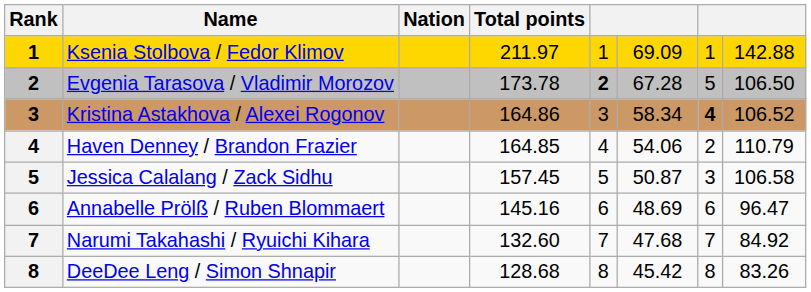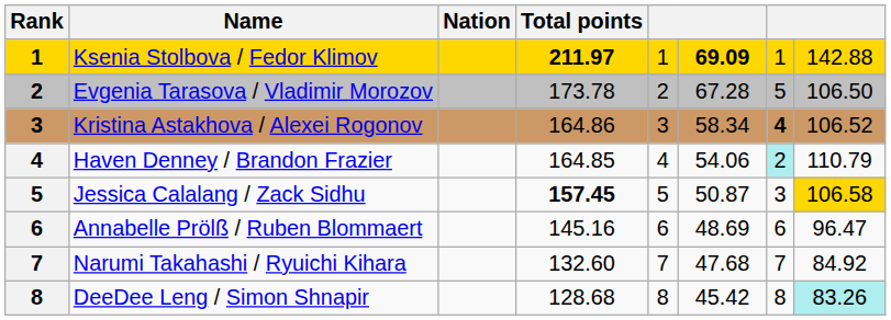 <table class="wikitable sortable">
 <tr>
 <th>Rank</th>
 <th>Name</th>
 <th>Nation</th>
 <th>Total points</th>
 <th colspan="2" width="80px"></th>
 <th colspan="2" width="80px"></th>
 </tr>
 <tr bgcolor="gold">
 <td align="center"><strong>1</strong></td>
 <td><a href='#'>Ksenia Stolbova</a> / <a href='#'>Fedor Klimov</a></td>
 <td></td>
-<td align="center">211.97</td>
+<td align="center"><strong>211.97</strong></td>
 <td align="center">1</td>
-<td align="center">69.09</td>
+<td align="center"><strong>69.09</strong></td>
 <td align="center">1</td>
 <td align="center">142.88</td>
 </tr>
 <tr bgcolor="silver">
 <td align="center"><strong>2</strong></td>
 <td><a href='#'>Evgenia Tarasova</a> / <a href='#'>Vladimir Morozov</a></td>
 <td></td>
 <td align="center">173.78</td>
-<td align="center"><strong>2</strong></td>
+<td align="center">2</td>
 <td align="center">67.28</td>
 <td align="center">5</td>
 <td align="center">106.50</td>
 </tr>
 <tr bgcolor="cc9966">
 <td align="center"><strong>3</strong></td>
 <td><a href='#'>Kristina Astakhova</a> / <a href='#'>Alexei Rogonov</a></td>
 <td></td>
 <td align="center">164.86</td>
 <td align="center">3</td>
 <td align="center">58.34</td>
 <td align="center"><strong>4</strong></td>
 <td align="center">106.52</td>
 </tr>
 <tr>
 <th>4</th>
 <td><a href='#'>Haven Denney</a> / <a href='#'>Brandon Frazier</a></td>
 <td></td>
 <td align="center">164.85</td>
 <td align="center">4</td>
 <td align="center">54.06</td>
-<td align="center">2</td>
+<td align="center" style="background: paleturquoise;">2</td>
 <td align="center">110.79</td>
 </tr>
 <tr>
 <th>5</th>
 <td><a href='#'>Jessica Calalang</a> / <a href='#'>Zack Sidhu</a></td>
 <td></td>
-<td align="center">157.45</td>
+<td align="center"><strong>157.45</strong></td>
 <td align="center">5</td>
 <td align="center">50.87</td>
 <td align="center">3</td>
-<td align="center">106.58</td>
+<td align="center" style="background: gold;">106.58</td>
 </tr>
 <tr>
 <th>6</th>
 <td><a href='#'>Annabelle Prölß</a> / <a href='#'>Ruben Blommaert</a></td>
 <td></td>
 <td align="center">145.16</td>
 <td align="center">6</td>
 <td align="center">48.69</td>
 <td align="center">6</td>
 <td align="center">96.47</td>
 </tr>
 <tr>
 <th>7</th>
 <td><a href='#'>Narumi Takahashi</a> / <a href='#'>Ryuichi Kihara</a></td>
 <td></td>
 <td align="center">132.60</td>
 <td align="center">7</td>
 <td align="center">47.68</td>
 <td align="center">7</td>
 <td align="center">84.92</td>
 </tr>
 <tr>
 <th>8</th>
 <td><a href='#'>DeeDee Leng</a> / <a href='#'>Simon Shnapir</a></td>
 <td></td>
 <td align="center">128.68</td>
 <td align="center">8</td>
 <td align="center">45.42</td>
 <td align="center">8</td>
-<td align="center">83.26</td>
+<td align="center" style="background: paleturquoise;">83.26</td>
 </tr>
 </table>
